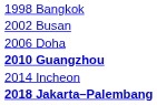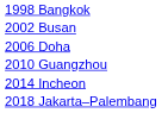 <table>
 <tr>
 <td><a href='#'>1998 Bangkok</a></td>
 <td></td>
 <td></td>
 <td></td>
 </tr>
 <tr>
 <td><a href='#'>2002 Busan</a></td>
 <td></td>
 <td></td>
 <td></td>
 </tr>
 <tr>
 <td rowspan=2><a href='#'>2006 Doha</a></td>
 <td rowspan=2></td>
 <td rowspan=2></td>
 <td></td>
 </tr>
 <tr>
 <td></td>
 </tr>
 <tr>
-<td><strong><a href='#'>2010 Guangzhou</a></strong></td>
+<td><a href='#'>2010 Guangzhou</a></td>
 <td></td>
 <td></td>
 <td></td>
 </tr>
 <tr>
 <td><a href='#'>2014 Incheon</a></td>
 <td></td>
 <td></td>
 <td></td>
 </tr>
 <tr>
-<td><strong><a href='#'>2018 Jakarta–Palembang</a></strong></td>
+<td><a href='#'>2018 Jakarta–Palembang</a></td>
 <td></td>
 <td></td>
 <td></td>
 </tr>
 </table>
